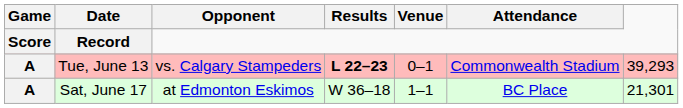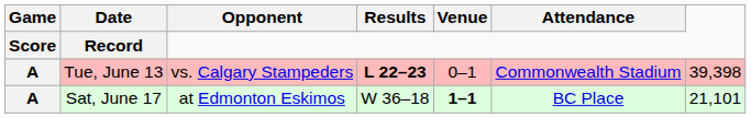 <table class="wikitable" style="text-align:center">
 <tr>
 <th>Game</th>
 <th>Date</th>
 <th>Opponent</th>
 <th>Results</th>
 <th>Venue</th>
 <th>Attendance</th>
 </tr>
 <tr>
 <th>Score</th>
 <th>Record</th>
 </tr>
 <tr style="background:#ffbbbb">
 <th>A</th>
 <td>Tue, June 13</td>
 <td>vs. <a href='#'>Calgary Stampeders</a></td>
 <td><strong>L 22–23</strong></td>
 <td>0–1</td>
 <td><a href='#'>Commonwealth Stadium</a></td>
-<td>39,293</td>
+<td>39,398</td>
 </tr>
 <tr style="background:#ddffdd">
 <th>A</th>
 <td>Sat, June 17</td>
 <td>at <a href='#'>Edmonton Eskimos</a></td>
 <td>W 36–18</td>
-<td>1–1</td>
+<td><strong>1–1</strong></td>
 <td><a href='#'>BC Place</a></td>
-<td>21,301</td>
+<td>21,101</td>
 </tr>
 </table>
